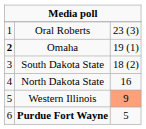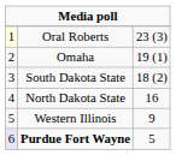 <table class="wikitable" style="display: inline-table;">
 <tr>
 <td align="center" Colspan="3"><strong>Media poll</strong></td>
 </tr>
 <tr align="center">
 </tr>
 <tr align="center">
-<td>1</td>
+<td style="background: lightyellow;">1</td>
 <td>Oral Roberts</td>
 <td>23 (3)</td>
 </tr>
 <tr align="center">
-<td><strong>2</strong></td>
+<td>2</td>
 <td>Omaha</td>
 <td>19 (1)</td>
 </tr>
 <tr align="center">
 <td>3</td>
 <td>South Dakota State</td>
 <td>18 (2)</td>
 </tr>
 <tr align="center">
 <td>4</td>
 <td>North Dakota State</td>
 <td>16</td>
 </tr>
 <tr align="center">
 <td>5</td>
 <td>Western Illinois</td>
-<td style="background: lightsalmon;">9</td>
+<td>9</td>
 </tr>
 <tr align="center">
-<td>6</td>
+<td style="background: lavender;">6</td>
 <td><strong>Purdue Fort Wayne</strong></td>
 <td>5</td>
 </tr>
 </table>
